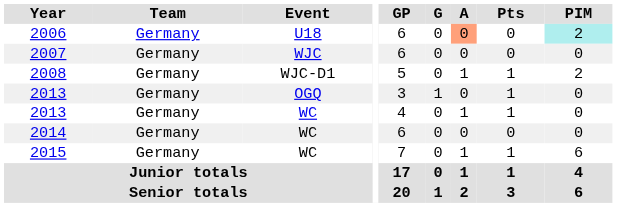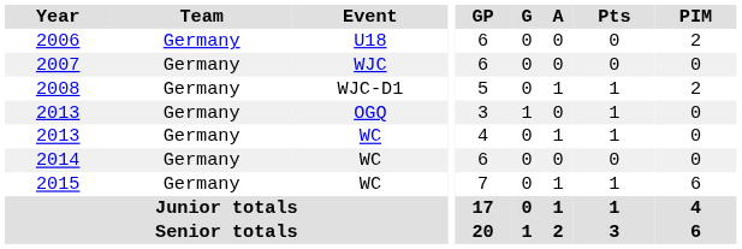 <table border="0" cellpadding="1" cellspacing="0" ID="Table3" style="text-align:center; width:40em">
 <tr ALIGN="center" bgcolor="#e0e0e0">
 <th>Year</th>
 <th>Team</th>
 <th>Event</th>
 <th rowspan="99" bgcolor="#ffffff"></th>
 <th>GP</th>
 <th>G</th>
 <th>A</th>
 <th>Pts</th>
 <th>PIM</th>
 </tr>
 <tr ALIGN="center">
 <td><a href='#'>2006</a></td>
 <td><a href='#'>Germany</a></td>
 <td><a href='#'>U18</a></td>
 <td>6</td>
 <td>0</td>
-<td style="background: lightsalmon;">0</td>
 <td>0</td>
-<td style="background: paleturquoise;">2</td>
+<td>0</td>
+<td>2</td>
 </tr>
 <tr ALIGN="center" bgcolor="#f0f0f0">
 <td><a href='#'>2007</a></td>
 <td>Germany</td>
 <td><a href='#'>WJC</a></td>
 <td>6</td>
 <td>0</td>
 <td>0</td>
 <td>0</td>
 <td>0</td>
 </tr>
 <tr ALIGN="center">
 <td><a href='#'>2008</a></td>
 <td>Germany</td>
 <td>WJC-D1</td>
 <td>5</td>
 <td>0</td>
 <td>1</td>
 <td>1</td>
 <td>2</td>
 </tr>
 <tr style="text-align:center;" bgcolor="#f0f0f0">
 <td><a href='#'>2013</a></td>
 <td>Germany</td>
 <td><a href='#'>OGQ</a></td>
 <td>3</td>
 <td>1</td>
 <td>0</td>
 <td>1</td>
 <td>0</td>
 </tr>
 <tr ALIGN="center">
 <td><a href='#'>2013</a></td>
 <td>Germany</td>
 <td><a href='#'>WC</a></td>
 <td>4</td>
 <td>0</td>
 <td>1</td>
 <td>1</td>
 <td>0</td>
 </tr>
 <tr style="text-align:center;" bgcolor="#f0f0f0">
 <td><a href='#'>2014</a></td>
 <td>Germany</td>
 <td>WC</td>
 <td>6</td>
 <td>0</td>
 <td>0</td>
 <td>0</td>
 <td>0</td>
 </tr>
 <tr style="text-align:center;">
 <td><a href='#'>2015</a></td>
 <td>Germany</td>
 <td>WC</td>
 <td>7</td>
 <td>0</td>
 <td>1</td>
 <td>1</td>
 <td>6</td>
 </tr>
 <tr bgcolor="#e0e0e0">
 <th colspan="3">Junior totals</th>
 <th>17</th>
 <th>0</th>
 <th>1</th>
 <th>1</th>
 <th>4</th>
 </tr>
 <tr bgcolor="#e0e0e0">
 <th colspan="3">Senior totals</th>
 <th>20</th>
 <th>1</th>
 <th>2</th>
 <th>3</th>
 <th>6</th>
 </tr>
 </table>
